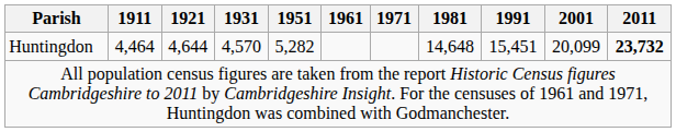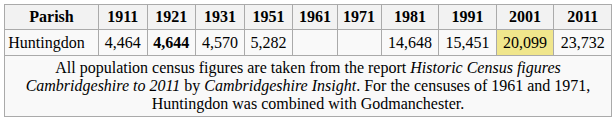 <table class="wikitable" style="text-align:center;">
 <tr>
 <th>Parish</th>
 <th>1911</th>
 <th>1921</th>
 <th>1931</th>
 <th>1951</th>
 <th>1961</th>
 <th>1971</th>
 <th>1981</th>
 <th>1991</th>
 <th>2001</th>
 <th>2011</th>
 </tr>
 <tr>
 <td align="left">Huntingdon</td>
 <td align="center">4,464</td>
-<td align="center">4,644</td>
+<td align="center"><strong>4,644</strong></td>
 <td align="center">4,570</td>
 <td align="center">5,282</td>
 <td align="center"></td>
 <td align="center"></td>
 <td align="center">14,648</td>
 <td align="center">15,451</td>
-<td align="center">20,099</td>
-<td align="center"><strong>23,732</strong></td>
+<td align="center" style="background: khaki;">20,099</td>
+<td align="center">23,732</td>
 </tr>
 <tr>
 <td colspan=11>All population census figures are taken from the report <em>Historic Census figures Cambridgeshire to 2011</em> by <em>Cambridgeshire Insight</em>. For the censuses of 1961 and 1971, Huntingdon was combined with Godmanchester.</td>
 </tr>
 </table>
